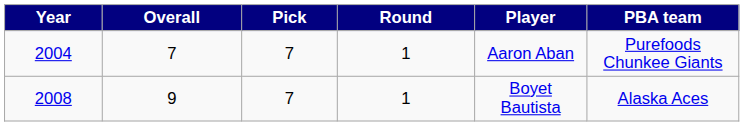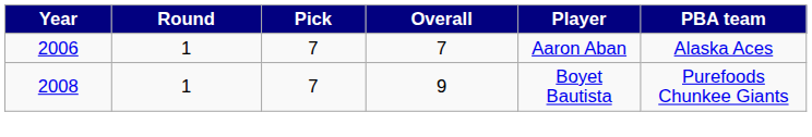 <table class="wikitable" style="text-align: left" width="80%">
 <tr>
 <th style="color: white; background-color: #020080; width:180px">Year</th>
+<th style="color: white; background-color: #020080; width:260px">Round</th>
+<th style="color: white; background-color: #020080; width:180px">Pick</th>
 <th style="color: white; background-color: #020080; width:260px">Overall</th>
-<th style="color: white; background-color: #020080; width:180px">Pick</th>
-<th style="color: white; background-color: #020080; width:260px">Round</th>
 <th style="color: white; background-color: #020080; width:180px">Player</th>
 <th style="color: white; background-color: #020080; width:260px">PBA team</th>
 </tr>
 <tr>
-<td style="text-align:center;"><a href='#'>2004</a></td>
+<td style="text-align:center;"><a href='#'>2006</a></td>
+<td style="text-align:center;">1</td>
 <td style="text-align:center;">7</td>
 <td style="text-align:center;">7</td>
-<td style="text-align:center;">1</td>
 <td style="text-align:center;"><a href='#'>Aaron Aban</a></td>
-<td style="text-align:center;"><a href='#'>Purefoods Chunkee Giants</a></td>
+<td style="text-align:center;"><a href='#'>Alaska Aces</a></td>
 </tr>
 <tr>
 <td style="text-align:center;"><a href='#'>2008</a></td>
+<td style="text-align:center;">1</td>
+<td style="text-align:center;">7</td>
 <td style="text-align:center;">9</td>
-<td style="text-align:center;">7</td>
-<td style="text-align:center;">1</td>
 <td style="text-align:center;"><a href='#'>Boyet Bautista</a></td>
-<td style="text-align:center;"><a href='#'>Alaska Aces</a></td>
+<td style="text-align:center;"><a href='#'>Purefoods Chunkee Giants</a></td>
 </tr>
 </table>
